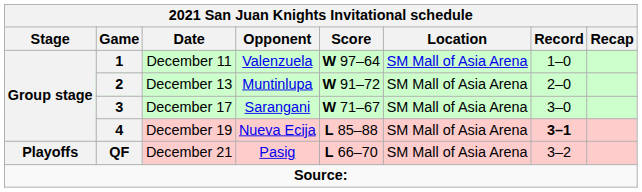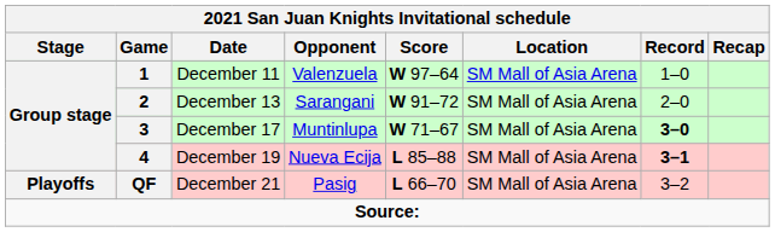 <table class="wikitable" style="text-align:center">
 <tr>
 <th colspan=8>2021 San Juan Knights Invitational schedule</th>
 </tr>
 <tr>
 <th>Stage</th>
 <th>Game</th>
 <th>Date</th>
 <th>Opponent</th>
 <th>Score</th>
 <th>Location</th>
 <th>Record</th>
 <th>Recap<br></th>
 </tr>
 <tr style="background:#cfc">
 <th rowspan=4>Group stage</th>
 <th>1</th>
 <td>December 11</td>
 <td><a href='#'>Valenzuela</a></td>
 <td><strong>W</strong> 97–64</td>
 <td><a href='#'>SM Mall of Asia Arena</a></td>
 <td>1–0</td>
 <td></td>
 </tr>
 <tr style="background:#cfc">
 <th>2</th>
 <td>December 13</td>
-<td><a href='#'>Muntinlupa</a></td>
+<td><a href='#'>Sarangani</a></td>
 <td><strong>W</strong> 91–72</td>
 <td>SM Mall of Asia Arena</td>
 <td>2–0</td>
 <td></td>
 </tr>
 <tr style="background:#cfc">
 <th>3</th>
 <td>December 17</td>
-<td><a href='#'>Sarangani</a></td>
+<td><a href='#'>Muntinlupa</a></td>
 <td><strong>W</strong> 71–67</td>
 <td>SM Mall of Asia Arena</td>
-<td>3–0</td>
+<td><strong>3–0</strong></td>
 <td></td>
 </tr>
 <tr style="background:#fcc">
 <th>4</th>
 <td>December 19</td>
 <td><a href='#'>Nueva Ecija</a></td>
 <td><strong>L</strong> 85–88</td>
 <td>SM Mall of Asia Arena</td>
 <td><strong>3–1</strong></td>
 <td><br></td>
 </tr>
 <tr style="background:#fcc">
 <th>Playoffs</th>
 <th>QF</th>
 <td>December 21</td>
 <td><a href='#'>Pasig</a></td>
 <td><strong>L</strong> 66–70</td>
 <td>SM Mall of Asia Arena</td>
 <td>3–2</td>
 <td></td>
 </tr>
 <tr>
 <td colspan=8 align=center><strong>Source: </strong></td>
 </tr>
 </table>
